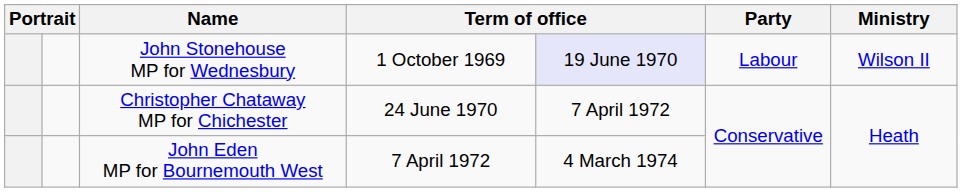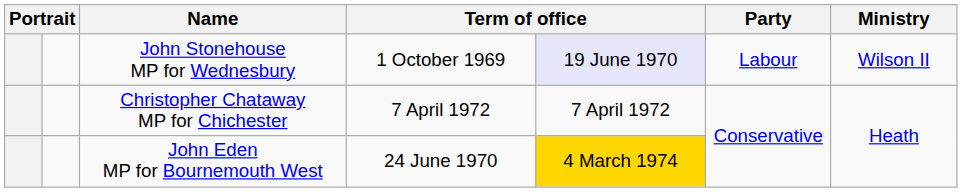 <table class="wikitable plainrowheaders" style="text-align:center;">
 <tr>
 <th colspan=2>Portrait</th>
 <th width=220>Name<br></th>
 <th colspan=2 width=300>Term of office</th>
 <th width=100>Party</th>
 <th width=100>Ministry</th>
 </tr>
 <tr>
 <th style="background-color: "></th>
 <td></td>
 <td><a href='#'>John Stonehouse</a><br>MP for <a href='#'>Wednesbury</a><br></td>
 <td>1 October 1969</td>
 <td style="background: lavender;">19 June 1970</td>
 <td><a href='#'>Labour</a></td>
 <td><a href='#'>Wilson II</a></td>
 </tr>
 <tr>
 <th style="background-color: "></th>
 <td></td>
 <td><a href='#'>Christopher Chataway</a><br>MP for <a href='#'>Chichester</a><br></td>
-<td>24 June 1970</td>
+<td>7 April 1972</td>
 <td>7 April 1972</td>
 <td rowspan=2 ><a href='#'>Conservative</a></td>
 <td rowspan=2 ><a href='#'>Heath</a></td>
 </tr>
 <tr>
 <th style="background-color: "></th>
 <td></td>
 <td><a href='#'>John Eden</a><br>MP for <a href='#'>Bournemouth West</a><br></td>
-<td>7 April 1972</td>
-<td>4 March 1974</td>
+<td>24 June 1970</td>
+<td style="background: gold;">4 March 1974</td>
 </tr>
 </table>
